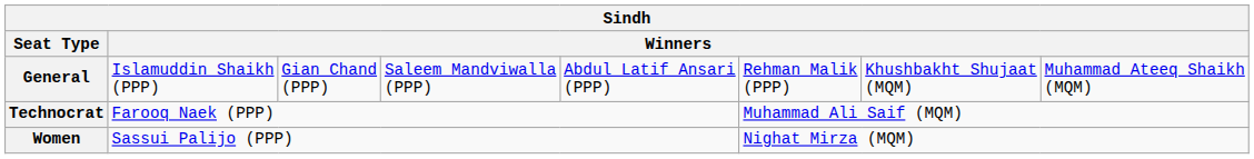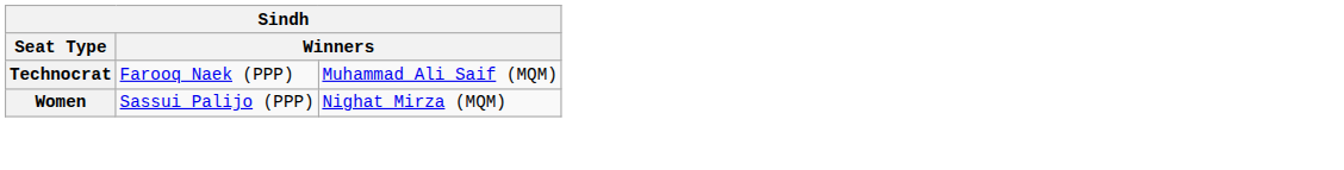 <table class="wikitable">
 <tr>
 <th colspan="8">Sindh</th>
 </tr>
 <tr>
 <th>Seat Type</th>
 <th colspan="7">Winners</th>
-</tr>
-<tr>
-<th>General</th>
-<td style="background:"><a href='#'>Islamuddin Shaikh</a><br>(PPP)</td>
-<td style="background:"><a href='#'>Gian Chand</a><br>(PPP)</td>
-<td style="background:"><a href='#'>Saleem Mandviwalla</a><br>(PPP)</td>
-<td style="background:"><a href='#'>Abdul Latif Ansari</a><br>(PPP)</td>
-<td style="background:"><a href='#'>Rehman Malik</a><br>(PPP)</td>
-<td style="background:"><a href='#'>Khushbakht Shujaat</a><br>(MQM)</td>
-<td style="background:"><a href='#'>Muhammad Ateeq Shaikh</a><br>(MQM)</td>
 </tr>
 <tr>
 <th>Technocrat</th>
 <td colspan="4" style="background:"><a href='#'>Farooq Naek</a> (PPP)</td>
 <td colspan="3" style="background:"><a href='#'>Muhammad Ali Saif</a> (MQM)</td>
 </tr>
 <tr>
 <th>Women</th>
 <td colspan="4" style="background:"><a href='#'>Sassui Palijo</a> (PPP)</td>
 <td colspan="3" style="background:"><a href='#'>Nighat Mirza</a> (MQM)</td>
 </tr>
 </table>
